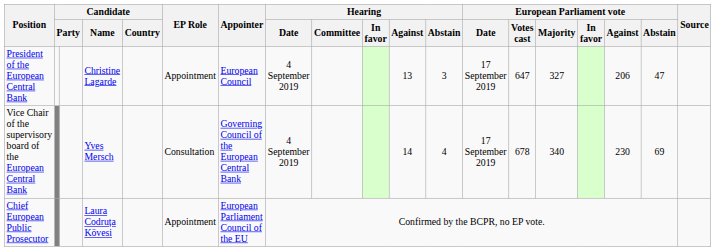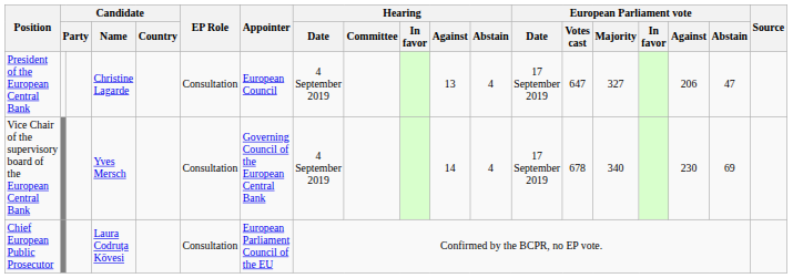 <table class="wikitable">
 <tr>
 <th rowspan=2>Position</th>
 <th colspan=4>Candidate</th>
 <th rowspan=2>EP Role</th>
 <th rowspan=2>Appointer</th>
 <th colspan=5>Hearing</th>
 <th colspan=6>European Parliament vote</th>
 <th rowspan=2>Source</th>
 </tr>
 <tr>
 <th colspan=2>Party</th>
 <th>Name</th>
 <th>Country</th>
 <th>Date</th>
 <th style="width:60px">Committee</th>
 <th style="width:60px">In favor</th>
 <th style="width:60px">Against</th>
 <th style="width:60px">Abstain</th>
 <th>Date</th>
 <th style="width:60px">Votes cast</th>
 <th style="width:60px">Majority</th>
 <th style="width:60px">In favor</th>
 <th style="width:60px">Against</th>
 <th style="width:60px">Abstain</th>
 </tr>
 <tr>
 <td><a href='#'>President of the European Central Bank</a></td>
 <td style="width:1px; background-color:"></td>
 <td><strong></strong></td>
 <td><a href='#'>Christine Lagarde</a></td>
 <td></td>
-<td>Appointment</td>
+<td>Consultation</td>
 <td><a href='#'>European Council</a></td>
 <td align="center">4 September 2019</td>
 <td align="center"><strong></strong></td>
 <td align="center" style="background-color:#d8ffcc"><strong></strong></td>
 <td align="center">13</td>
-<td align="center">3</td>
+<td align="center">4</td>
 <td align="center">17 September 2019</td>
 <td align="center">647</td>
 <td align="center">327</td>
 <td align="center" style="background-color:#d8ffcc"><strong></strong></td>
 <td align="center">206</td>
 <td align="center">47</td>
 <td></td>
 </tr>
 <tr>
 <td>Vice Chair of the supervisory board of the <a href='#'>European Central Bank</a></td>
 <td style="width:1px; background-color:#808080"></td>
 <td><strong></strong></td>
 <td><a href='#'>Yves Mersch</a></td>
 <td></td>
 <td>Consultation</td>
 <td><a href='#'>Governing Council of the European Central Bank</a></td>
 <td align="center">4 September 2019</td>
 <td align="center"><strong></strong></td>
 <td align="center" style="background-color:#d8ffcc"><strong></strong></td>
 <td align="center">14</td>
 <td align="center">4</td>
 <td align="center">17 September 2019</td>
 <td align="center">678</td>
 <td align="center">340</td>
 <td align="center" style="background-color:#d8ffcc"><strong></strong></td>
 <td align="center">230</td>
 <td align="center">69</td>
 <td></td>
 </tr>
 <tr>
 <td><a href='#'>Chief European Public Prosecutor</a></td>
 <td style="width:1px; background-color:#808080"></td>
 <td><strong></strong></td>
 <td><a href='#'>Laura Codruța Kövesi</a></td>
 <td></td>
-<td>Appointment</td>
+<td>Consultation</td>
 <td><a href='#'>European Parliament</a><br><a href='#'>Council of the EU</a></td>
 <td colspan="11" align="center">Confirmed by the BCPR, no EP vote.</td>
 <td></td>
 </tr>
 </table>
